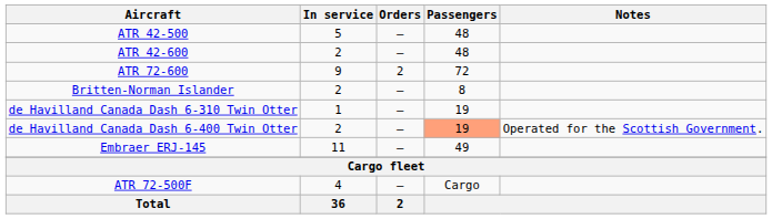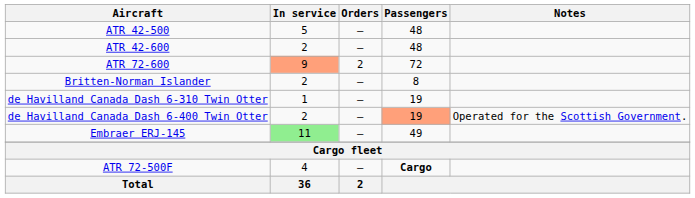 <table class="wikitable" style="border-collapse:collapse;text-align:center;margin:auto;">
 <tr>
 <th>Aircraft</th>
 <th>In service</th>
 <th>Orders</th>
 <th>Passengers</th>
 <th>Notes</th>
 </tr>
 <tr>
 <td><a href='#'>ATR 42-500</a></td>
 <td>5</td>
 <td>—</td>
 <td>48</td>
 <td></td>
 </tr>
 <tr>
 <td><a href='#'>ATR 42-600</a></td>
 <td>2</td>
 <td>—</td>
 <td>48</td>
 <td></td>
 </tr>
 <tr>
 <td><a href='#'>ATR 72-600</a></td>
-<td>9</td>
+<td style="background: lightsalmon;">9</td>
 <td>2</td>
 <td>72</td>
 <td></td>
 </tr>
 <tr>
 <td><a href='#'>Britten-Norman Islander</a></td>
 <td>2</td>
 <td>—</td>
 <td>8</td>
 <td></td>
 </tr>
 <tr>
 <td><a href='#'>de Havilland Canada Dash 6-310 Twin Otter</a></td>
 <td>1</td>
 <td>—</td>
 <td>19</td>
 <td></td>
 </tr>
 <tr>
 <td><a href='#'>de Havilland Canada Dash 6-400 Twin Otter</a></td>
 <td>2</td>
 <td>—</td>
 <td style="background: lightsalmon;">19</td>
 <td>Operated for the <a href='#'>Scottish Government</a>.</td>
 </tr>
 <tr>
 <td><a href='#'>Embraer ERJ-145</a></td>
-<td>11</td>
+<td style="background: lightgreen;">11</td>
 <td>—</td>
 <td>49</td>
 <td></td>
 </tr>
 <tr>
 </tr>
 <tr>
 <th colspan="5">Cargo fleet</th>
 </tr>
 <tr>
 <td><a href='#'>ATR 72-500F</a></td>
 <td>4</td>
 <td>—</td>
-<td>Cargo</td>
+<td><strong>Cargo</strong></td>
 <td></td>
 </tr>
 <tr>
 <th>Total</th>
 <th>36</th>
 <th>2</th>
 <th colspan="3"></th>
 </tr>
 </table>
